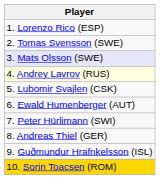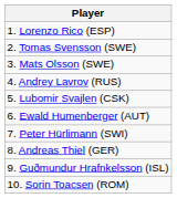 <table class="wikitable" style="text-align:center;">
 <tr>
 <th>Player</th>
 </tr>
 <tr>
 <td style="text-align:left;">1. <a href='#'>Lorenzo Rico</a> (ESP)</td>
 </tr>
 <tr>
 <td style="text-align:left;">2. <a href='#'>Tomas Svensson</a> (SWE)</td>
 </tr>
 <tr>
-<td style="background: lavender; text-align:left;">3. <a href='#'>Mats Olsson</a> (SWE)</td>
+<td style="text-align:left;">3. <a href='#'>Mats Olsson</a> (SWE)</td>
 </tr>
 <tr>
-<td style="background: lightyellow; text-align:left;">4. <a href='#'>Andrey Lavrov</a> (RUS)</td>
+<td style="text-align:left;">4. <a href='#'>Andrey Lavrov</a> (RUS)</td>
 </tr>
 <tr>
 <td style="text-align:left;">5. <a href='#'>Lubomir Svajlen</a> (CSK)</td>
 </tr>
 <tr>
 <td style="text-align:left;">6. <a href='#'>Ewald Humenberger</a> (AUT)</td>
 </tr>
 <tr>
 <td style="text-align:left;">7. <a href='#'>Peter Hürlimann</a> (SWI)</td>
 </tr>
 <tr>
 <td style="text-align:left;">8. <a href='#'>Andreas Thiel</a> (GER)</td>
 </tr>
 <tr>
 <td style="text-align:left;">9. <a href='#'>Guðmundur Hrafnkelsson</a> (ISL)</td>
 </tr>
 <tr>
-<td style="background: gold; text-align:left;">10. <a href='#'>Sorin Toacsen</a> (ROM)</td>
+<td style="text-align:left;">10. <a href='#'>Sorin Toacsen</a> (ROM)</td>
 </tr>
 </table>
